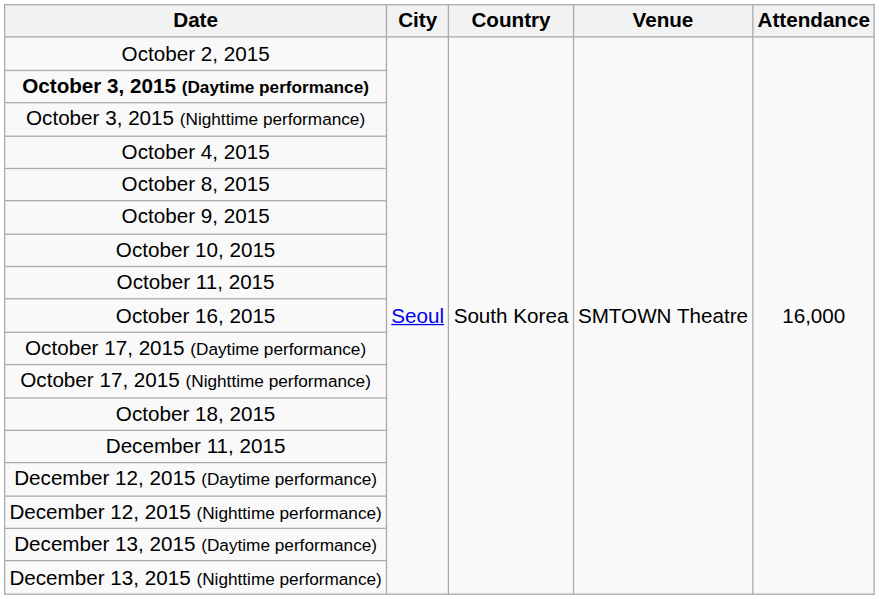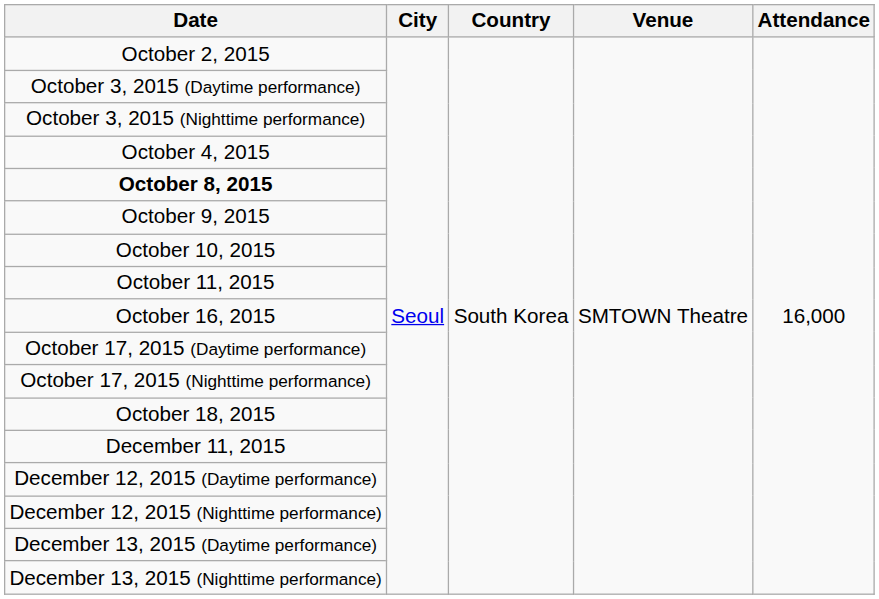 <table class="wikitable plainrowheaders" style="text-align:center;">
 <tr>
 <th>Date</th>
 <th>City</th>
 <th>Country</th>
 <th>Venue</th>
 <th>Attendance</th>
 </tr>
 <tr>
 <td>October 2, 2015</td>
 <td rowspan="18"><a href='#'>Seoul</a></td>
 <td rowspan="18">South Korea</td>
 <td rowspan="18">SMTOWN Theatre</td>
 <td rowspan="18">16,000</td>
 </tr>
 <tr>
-<td><strong>October 3, 2015 <small>(Daytime performance)</small></strong></td>
+<td>October 3, 2015 <small>(Daytime performance)</small></td>
 </tr>
 <tr>
 <td>October 3, 2015 <small>(Nighttime performance)</small></td>
 </tr>
 <tr>
 <td>October 4, 2015</td>
 </tr>
 <tr>
-<td>October 8, 2015</td>
+<td><strong>October 8, 2015</strong></td>
 </tr>
 <tr>
 <td>October 9, 2015</td>
 </tr>
 <tr>
 <td>October 10, 2015</td>
 </tr>
 <tr>
 <td>October 11, 2015</td>
 </tr>
 <tr>
 <td>October 16, 2015</td>
 </tr>
 <tr>
 <td>October 17, 2015 <small>(Daytime performance)</small></td>
 </tr>
 <tr>
 <td>October 17, 2015 <small>(Nighttime performance)</small></td>
 </tr>
 <tr>
 <td>October 18, 2015</td>
 </tr>
 <tr>
 <td>December 11, 2015</td>
 </tr>
 <tr>
 <td>December 12, 2015 <small>(Daytime performance)</small></td>
 </tr>
 <tr>
 <td>December 12, 2015 <small>(Nighttime performance)</small></td>
 </tr>
 <tr>
 <td>December 13, 2015 <small>(Daytime performance)</small></td>
 </tr>
 <tr>
 <td>December 13, 2015 <small>(Nighttime performance)</small></td>
 </tr>
 </table>
